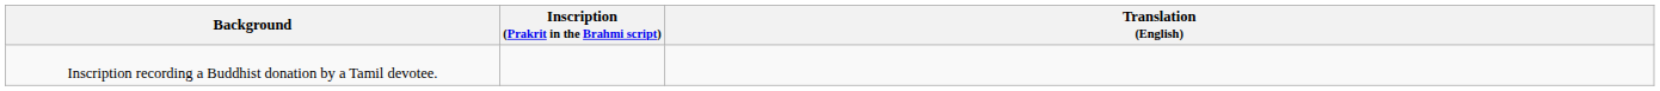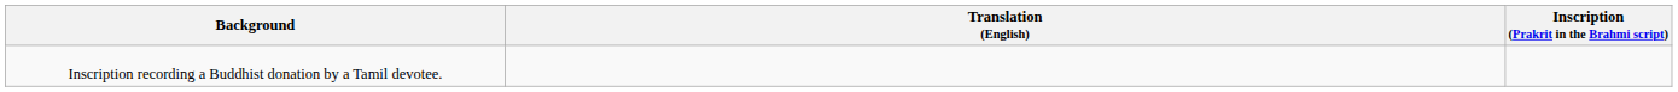 <table class="wikitable centre">
 <tr>
 <th scope="col" align=left>Background<br></th>
+<th>Translation<br><small>(English)</small></th>
 <th>Inscription<br><small>(<a href='#'>Prakrit</a> in the <a href='#'>Brahmi script</a>)</small></th>
-<th>Translation<br><small>(English)</small></th>
 </tr>
 <tr>
 <td align=center width="30%"><br>Inscription recording a Buddhist donation by a Tamil devotee.</td>
+<td align=left><br></td>
 <td align=center width="10%"></td>
-<td align=left><br></td>
 </tr>
 </table>
